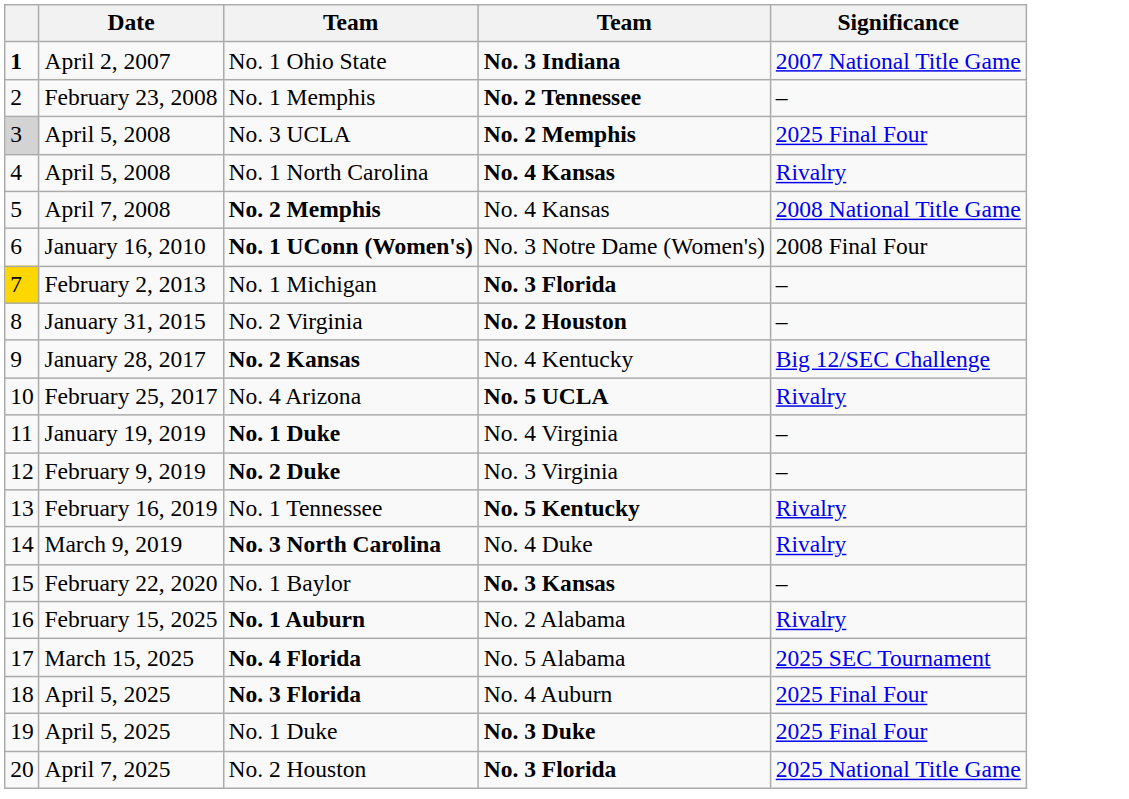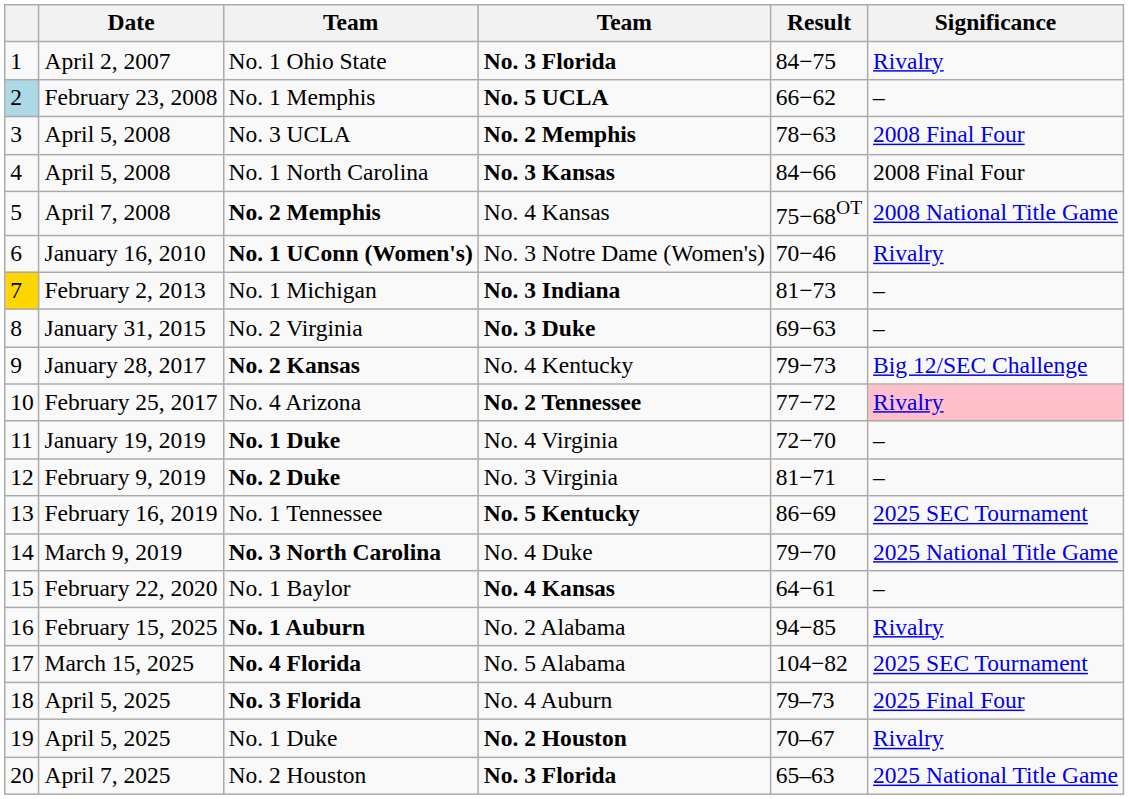 <table class="wikitable sortable">
 <tr>
 <th></th>
 <th>Date</th>
 <th>Team</th>
 <th>Team</th>
+<th>Result</th>
 <th>Significance</th>
 </tr>
 <tr>
-<td><strong>1</strong></td>
+<td>1</td>
 <td>April 2, 2007</td>
 <td>No. 1 Ohio State</td>
-<td><strong>No. 3 Indiana</strong></td>
-<td><a href='#'>2007 National Title Game</a></td>
+<td><strong>No. 3 Florida</strong></td>
+<td>84−75</td>
+<td><a href='#'>Rivalry</a></td>
 </tr>
 <tr>
-<td>2</td>
+<td style="background: lightblue;">2</td>
 <td>February 23, 2008</td>
 <td>No. 1 Memphis</td>
-<td><strong>No. 2 Tennessee</strong></td>
+<td><strong>No. 5 UCLA</strong></td>
+<td>66−62</td>
 <td>–</td>
 </tr>
 <tr>
-<td style="background: lightgrey;">3</td>
+<td>3</td>
 <td>April 5, 2008</td>
 <td>No. 3 UCLA</td>
 <td><strong>No. 2 Memphis</strong></td>
-<td><a href='#'>2025 Final Four</a></td>
+<td>78−63</td>
+<td><a href='#'>2008 Final Four</a></td>
 </tr>
 <tr>
 <td>4</td>
 <td>April 5, 2008</td>
 <td>No. 1 North Carolina</td>
-<td><strong>No. 4 Kansas</strong></td>
-<td><a href='#'>Rivalry</a></td>
+<td><strong>No. 3 Kansas</strong></td>
+<td>84−66</td>
+<td>2008 Final Four</td>
 </tr>
 <tr>
 <td>5</td>
 <td>April 7, 2008</td>
 <td><strong>No. 2 Memphis</strong></td>
 <td>No. 4 Kansas</td>
+<td>75−68<sup>OT</sup></td>
 <td><a href='#'>2008 National Title Game</a></td>
 </tr>
 <tr>
 <td>6</td>
 <td>January 16, 2010</td>
 <td><strong>No. 1 UConn (Women's)</strong></td>
 <td>No. 3 Notre Dame (Women's)</td>
-<td>2008 Final Four</td>
+<td>70−46</td>
+<td><a href='#'>Rivalry</a></td>
 </tr>
 <tr>
 <td style="background: gold;">7</td>
 <td>February 2, 2013</td>
 <td>No. 1 Michigan</td>
-<td><strong>No. 3 Florida</strong></td>
+<td><strong>No. 3 Indiana</strong></td>
+<td>81−73</td>
 <td>–</td>
 </tr>
 <tr>
 <td>8</td>
 <td>January 31, 2015</td>
 <td>No. 2 Virginia</td>
-<td><strong>No. 2 Houston</strong></td>
+<td><strong>No. 3 Duke</strong></td>
+<td>69−63</td>
 <td>–</td>
 </tr>
 <tr>
 <td>9</td>
 <td>January 28, 2017</td>
 <td><strong>No. 2 Kansas</strong></td>
 <td>No. 4 Kentucky</td>
+<td>79−73</td>
 <td><a href='#'>Big 12/SEC Challenge</a></td>
 </tr>
 <tr>
 <td>10</td>
 <td>February 25, 2017</td>
 <td>No. 4 Arizona</td>
-<td><strong>No. 5 UCLA</strong></td>
-<td><a href='#'>Rivalry</a></td>
+<td><strong>No. 2 Tennessee</strong></td>
+<td>77−72</td>
+<td style="background: pink;"><a href='#'>Rivalry</a></td>
 </tr>
 <tr>
 <td>11</td>
 <td>January 19, 2019</td>
 <td><strong>No. 1 Duke</strong></td>
 <td>No. 4 Virginia</td>
+<td>72−70</td>
 <td>–</td>
 </tr>
 <tr>
 <td>12</td>
 <td>February 9, 2019</td>
 <td><strong>No. 2 Duke</strong></td>
 <td>No. 3 Virginia</td>
+<td>81−71</td>
 <td>–</td>
 </tr>
 <tr>
 <td>13</td>
 <td>February 16, 2019</td>
 <td>No. 1 Tennessee</td>
 <td><strong>No. 5 Kentucky</strong></td>
-<td><a href='#'>Rivalry</a></td>
+<td>86−69</td>
+<td><a href='#'>2025 SEC Tournament</a></td>
 </tr>
 <tr>
 <td>14</td>
 <td>March 9, 2019</td>
 <td><strong>No. 3 North Carolina</strong></td>
 <td>No. 4 Duke</td>
-<td><a href='#'>Rivalry</a></td>
+<td>79−70</td>
+<td><a href='#'>2025 National Title Game</a></td>
 </tr>
 <tr>
 <td>15</td>
 <td>February 22, 2020</td>
 <td>No. 1 Baylor</td>
-<td><strong>No. 3 Kansas</strong></td>
+<td><strong>No. 4 Kansas</strong></td>
+<td>64−61</td>
 <td>–</td>
 </tr>
 <tr>
 <td>16</td>
 <td>February 15, 2025</td>
 <td><strong>No. 1 Auburn</strong></td>
 <td>No. 2 Alabama</td>
+<td>94−85</td>
 <td><a href='#'>Rivalry</a></td>
 </tr>
 <tr>
 <td>17</td>
 <td>March 15, 2025</td>
 <td><strong>No. 4 Florida</strong></td>
 <td>No. 5 Alabama</td>
+<td>104−82</td>
 <td><a href='#'>2025 SEC Tournament</a></td>
 </tr>
 <tr>
 <td>18</td>
 <td>April 5, 2025</td>
 <td><strong>No. 3 Florida</strong></td>
 <td>No. 4 Auburn</td>
+<td>79–73</td>
 <td><a href='#'>2025 Final Four</a></td>
 </tr>
 <tr>
 <td>19</td>
 <td>April 5, 2025</td>
 <td>No. 1 Duke</td>
-<td><strong>No. 3 Duke</strong></td>
-<td><a href='#'>2025 Final Four</a></td>
+<td><strong>No. 2 Houston</strong></td>
+<td>70–67</td>
+<td><a href='#'>Rivalry</a></td>
 </tr>
 <tr>
 <td>20</td>
 <td>April 7, 2025</td>
 <td>No. 2 Houston</td>
 <td><strong>No. 3 Florida</strong></td>
+<td>65–63</td>
 <td><a href='#'>2025 National Title Game</a></td>
 </tr>
 </table>
